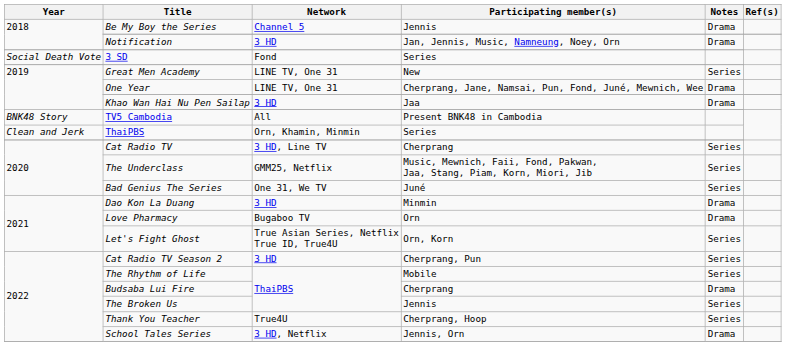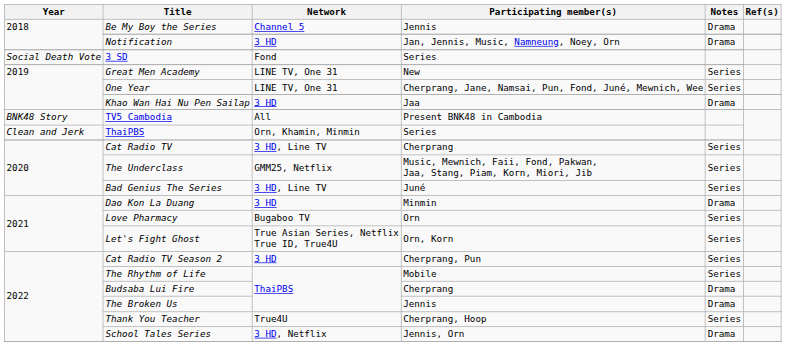 <table class="wikitable" style="text-align:left; ">
 <tr style="vertical-align:top;">
 <th>Year</th>
 <th>Title</th>
 <th>Network</th>
 <th>Participating member(s)</th>
 <th>Notes</th>
 <th>Ref(s)</th>
 </tr>
 <tr style="vertical-align:top;">
 <td rowspan=3>2018</td>
 <td><em>Be My Boy the Series</em></td>
 <td><a href='#'>Channel 5</a></td>
 <td>Jennis</td>
 <td>Drama</td>
 <td></td>
 </tr>
 <tr style="vertical-align:top;">
 </tr>
 <tr style="vertical-align:top;">
 <td><em>Notification</em></td>
 <td><a href='#'>3 HD</a></td>
 <td>Jan, Jennis, Music, <a href='#'>Namneung</a>, Noey, Orn</td>
 <td>Drama</td>
 <td></td>
 </tr>
 <tr style="vertical-align:top;">
 </tr>
 <tr style="vertical-align:top;">
 <td><em>Social Death Vote</em></td>
 <td><a href='#'>3 SD</a></td>
 <td>Fond</td>
 <td>Series</td>
 <td></td>
 </tr>
 <tr style="vertical-align:top;">
 </tr>
 <tr style="vertical-align:top;">
 <td rowspan=5>2019</td>
 <td><em>Great Men Academy</em></td>
 <td>LINE TV, One 31</td>
 <td>New</td>
 <td>Series</td>
 <td><br> </td>
 </tr>
 <tr>
 <td><em>One Year</em></td>
 <td>LINE TV, One 31</td>
 <td>Cherprang, Jane, Namsai, Pun, Fond, Juné, Mewnich, Wee</td>
-<td>Drama</td>
+<td>Series</td>
 <td></td>
 </tr>
 <tr>
 </tr>
 <tr>
 <td><em>Khao Wan Hai Nu Pen Sailap</em></td>
 <td><a href='#'>3 HD</a></td>
 <td>Jaa</td>
 <td>Drama</td>
 <td></td>
 </tr>
 <tr>
 </tr>
 <tr>
 <td><em>BNK48 Story</em></td>
 <td><a href='#'>TV5 Cambodia</a></td>
 <td>All </td>
 <td>Present BNK48 in Cambodia</td>
 <td></td>
 </tr>
 <tr>
 <td><em>Clean and Jerk <br>  </em></td>
 <td><a href='#'>ThaiPBS</a></td>
 <td>Orn, Khamin, Minmin</td>
 <td>Series</td>
 <td></td>
 </tr>
 <tr>
 </tr>
 <tr>
 <td rowspan=3>2020</td>
 <td><em>Cat Radio TV</em></td>
 <td><a href='#'>3 HD</a>, Line TV</td>
 <td>Cherprang</td>
 <td>Series</td>
 <td></td>
 </tr>
 <tr>
 <td><em>The Underclass</em></td>
 <td>GMM25, Netflix</td>
 <td>Music, Mewnich, Faii, Fond, Pakwan, <br> Jaa, Stang, Piam, Korn, Miori, Jib</td>
 <td>Series</td>
 <td></td>
 </tr>
 <tr>
 <td><em>Bad Genius The Series</em></td>
-<td>One 31, We TV</td>
+<td><a href='#'>3 HD</a>, Line TV</td>
 <td>Juné</td>
 <td>Series</td>
 <td></td>
 </tr>
 <tr>
 <td rowspan=3>2021</td>
 <td><em>Dao Kon La Duang</em></td>
 <td><a href='#'>3 HD</a></td>
 <td>Minmin</td>
 <td>Drama</td>
 <td></td>
 </tr>
 <tr>
 <td><em>Love Pharmacy</em></td>
 <td>Bugaboo TV</td>
 <td>Orn</td>
-<td>Drama</td>
+<td>Series</td>
 <td></td>
 </tr>
 <tr>
 <td><em>Let's Fight Ghost</em></td>
 <td>True Asian Series, Netflix <br> True ID, True4U</td>
 <td>Orn, Korn</td>
 <td>Series</td>
 <td></td>
 </tr>
 <tr>
 <td rowspan=6>2022</td>
 <td><em>Cat Radio TV Season 2</em></td>
 <td><a href='#'>3 HD</a></td>
 <td>Cherprang, Pun</td>
 <td>Series</td>
 <td></td>
 </tr>
 <tr>
 <td><em>The Rhythm of Life</em></td>
 <td rowspan=3><a href='#'>ThaiPBS</a></td>
 <td>Mobile</td>
 <td>Series</td>
 <td></td>
 </tr>
 <tr>
 <td><em>Budsaba Lui Fire</em></td>
 <td>Cherprang</td>
 <td>Drama</td>
 <td></td>
 </tr>
 <tr>
 <td><em>The Broken Us</em></td>
 <td>Jennis</td>
-<td>Series</td>
+<td>Drama</td>
 <td></td>
 </tr>
 <tr>
 <td><em>Thank You Teacher</em></td>
 <td>True4U</td>
 <td>Cherprang, Hoop</td>
 <td>Series</td>
 <td></td>
 </tr>
 <tr>
 <td><em>School Tales Series</em></td>
 <td><a href='#'>3 HD</a>, Netflix</td>
 <td>Jennis, Orn</td>
 <td>Drama</td>
 <td></td>
 </tr>
 <tr>
 </tr>
 </table>
